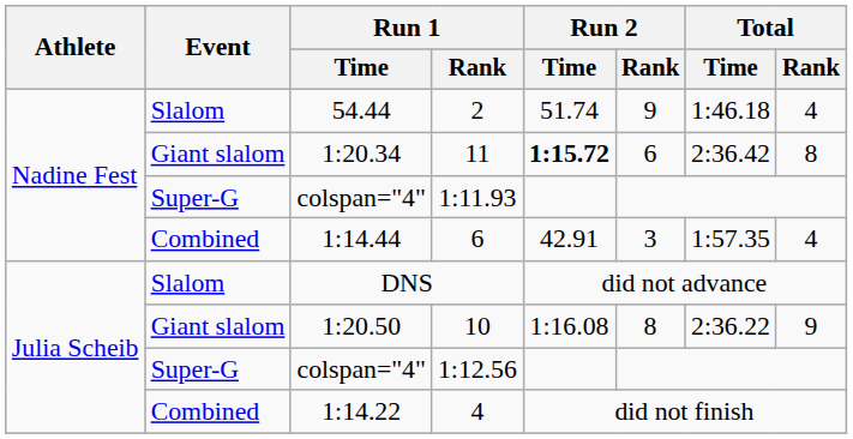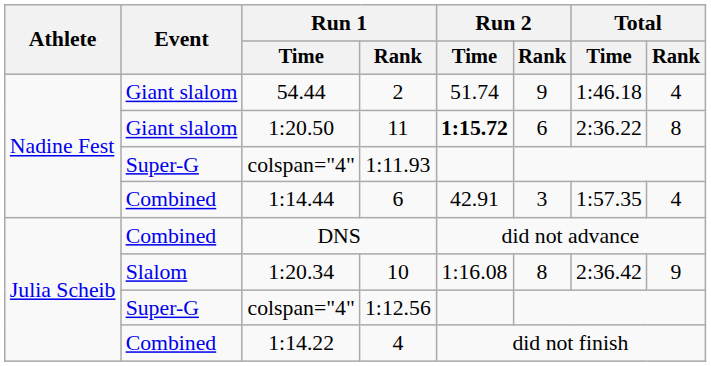 <table class="wikitable" style="font-size:90%">
 <tr>
 <th rowspan=2>Athlete</th>
 <th rowspan=2>Event</th>
 <th colspan=2>Run 1</th>
 <th colspan=2>Run 2</th>
 <th colspan=2>Total</th>
 </tr>
 <tr style="font-size:95%">
 <th>Time</th>
 <th>Rank</th>
 <th>Time</th>
 <th>Rank</th>
 <th>Time</th>
 <th>Rank</th>
 </tr>
 <tr align=center>
 <td align="left" rowspan="4"><a href='#'>Nadine Fest</a></td>
-<td align="left"><a href='#'>Slalom</a></td>
+<td align="left"><a href='#'>Giant slalom</a></td>
 <td>54.44</td>
 <td>2</td>
 <td>51.74</td>
 <td>9</td>
 <td>1:46.18</td>
 <td>4</td>
 </tr>
 <tr align=center>
 <td align="left"><a href='#'>Giant slalom</a></td>
-<td>1:20.34</td>
+<td>1:20.50</td>
 <td>11</td>
 <td><strong>1:15.72</strong></td>
 <td>6</td>
-<td>2:36.42</td>
+<td>2:36.22</td>
 <td>8</td>
 </tr>
 <tr align=center>
 <td align="left"><a href='#'>Super-G</a></td>
 <td>colspan="4" </td>
 <td>1:11.93</td>
 <td></td>
 </tr>
 <tr align=center>
 <td align="left"><a href='#'>Combined</a></td>
 <td>1:14.44</td>
 <td>6</td>
 <td>42.91</td>
 <td>3</td>
 <td>1:57.35</td>
 <td>4</td>
 </tr>
 <tr align=center>
 <td align="left" rowspan="4"><a href='#'>Julia Scheib</a></td>
-<td align="left"><a href='#'>Slalom</a></td>
+<td align="left"><a href='#'>Combined</a></td>
 <td colspan=2>DNS</td>
 <td colspan=4>did not advance</td>
 </tr>
 <tr align=center>
-<td align="left"><a href='#'>Giant slalom</a></td>
-<td>1:20.50</td>
+<td align="left"><a href='#'>Slalom</a></td>
+<td>1:20.34</td>
 <td>10</td>
 <td>1:16.08</td>
 <td>8</td>
-<td>2:36.22</td>
+<td>2:36.42</td>
 <td>9</td>
 </tr>
 <tr align=center>
 <td align="left"><a href='#'>Super-G</a></td>
 <td>colspan="4" </td>
 <td>1:12.56</td>
 <td></td>
 </tr>
 <tr align=center>
 <td align="left"><a href='#'>Combined</a></td>
 <td>1:14.22</td>
 <td>4</td>
 <td colspan=4>did not finish</td>
 </tr>
 </table>
